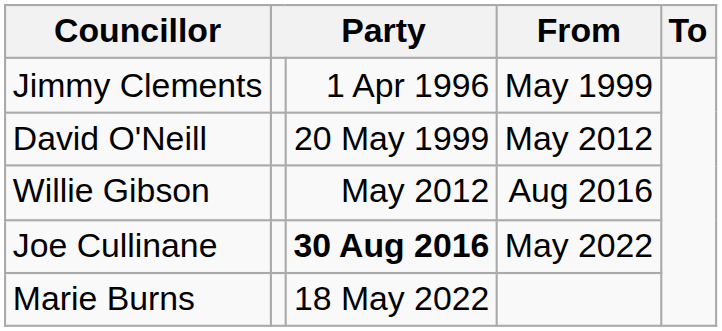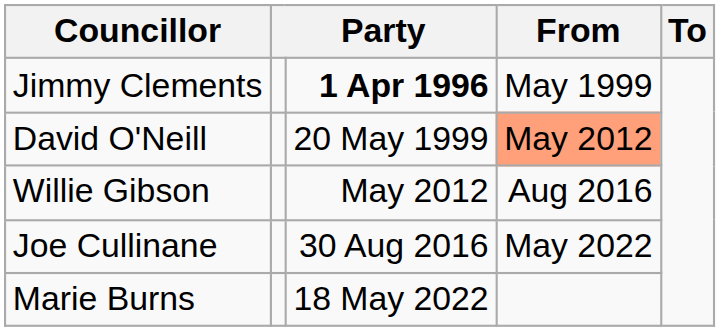 <table class=wikitable>
 <tr>
 <th>Councillor</th>
 <th colspan=2>Party</th>
 <th>From</th>
 <th>To</th>
 </tr>
 <tr>
 <td>Jimmy Clements</td>
 <td></td>
-<td align=right>1 Apr 1996</td>
+<td align=right><strong>1 Apr 1996</strong></td>
 <td align=right>May 1999</td>
 </tr>
 <tr>
 <td>David O'Neill</td>
 <td></td>
 <td align=right>20 May 1999</td>
-<td align=right>May 2012</td>
+<td align=right style="background: lightsalmon;">May 2012</td>
 </tr>
 <tr>
 <td>Willie Gibson</td>
 <td></td>
 <td align=right>May 2012</td>
 <td align="right">Aug 2016</td>
 </tr>
 <tr>
 <td>Joe Cullinane</td>
 <td></td>
-<td align=right><strong>30 Aug 2016</strong></td>
+<td align=right>30 Aug 2016</td>
 <td align=right>May 2022</td>
 </tr>
 <tr>
 <td>Marie Burns</td>
 <td></td>
 <td align=right>18 May 2022</td>
 <td align=right></td>
 </tr>
 </table>
